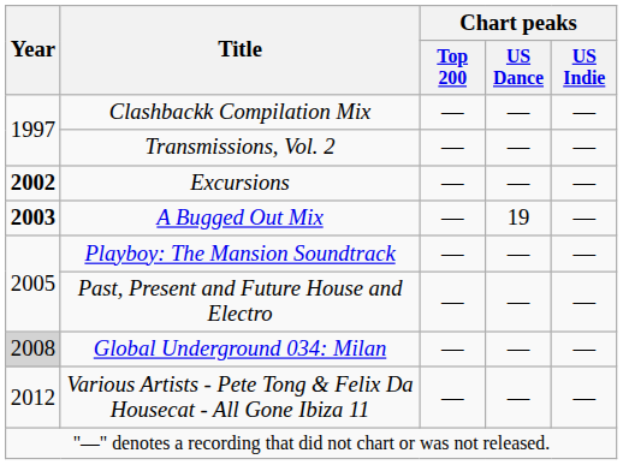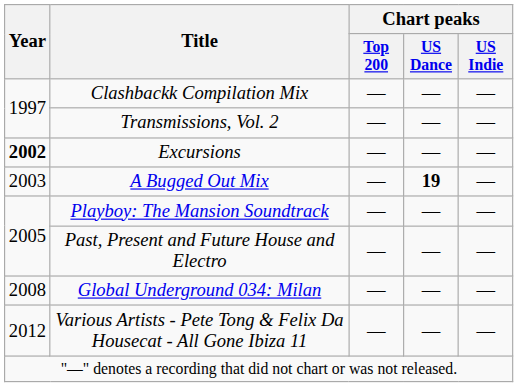 <table class="wikitable plainrowheaders" style="text-align:center;">
 <tr>
 <th rowspan="2">Year</th>
 <th style="width:250px;" rowspan="2">Title</th>
 <th colspan="3">Chart peaks</th>
 </tr>
 <tr>
 <th style="width:3em;font-size:85%"><a href='#'>Top 200</a></th>
 <th style="width:3em;font-size:85%"><a href='#'>US Dance</a></th>
 <th style="width:3em;font-size:85%"><a href='#'>US Indie</a></th>
 </tr>
 <tr>
 <td rowspan="2">1997</td>
 <td><em>Clashbackk Compilation Mix</em></td>
 <td>—</td>
 <td>—</td>
 <td>—</td>
 </tr>
 <tr>
 <td><em>Transmissions, Vol. 2</em></td>
 <td>—</td>
 <td>—</td>
 <td>—</td>
 </tr>
 <tr>
 <td><strong>2002</strong></td>
 <td><em>Excursions</em></td>
 <td>—</td>
 <td>—</td>
 <td>—</td>
 </tr>
 <tr>
-<td><strong>2003</strong></td>
+<td>2003</td>
 <td><em><a href='#'>A Bugged Out Mix</a></em></td>
 <td>—</td>
-<td>19</td>
+<td><strong>19</strong></td>
 <td>—</td>
 </tr>
 <tr>
 <td rowspan="2">2005</td>
 <td><em><a href='#'>Playboy: The Mansion Soundtrack</a></em></td>
 <td>—</td>
 <td>—</td>
 <td>—</td>
 </tr>
 <tr>
 <td><em>Past, Present and Future House and Electro</em></td>
 <td>—</td>
 <td>—</td>
 <td>—</td>
 </tr>
 <tr>
-<td style="background: lightgrey;">2008</td>
+<td>2008</td>
 <td><em><a href='#'>Global Underground 034: Milan</a></em></td>
 <td>—</td>
 <td>—</td>
 <td>—</td>
 </tr>
 <tr>
 <td>2012</td>
 <td><em>Various Artists - Pete Tong & Felix Da Housecat - All Gone Ibiza 11</em></td>
 <td>—</td>
 <td>—</td>
 <td>—</td>
 </tr>
 <tr>
 <td colspan="5" style="font-size:85%">"—" denotes a recording that did not chart or was not released.</td>
 </tr>
 </table>
